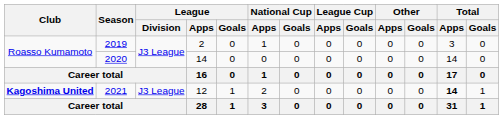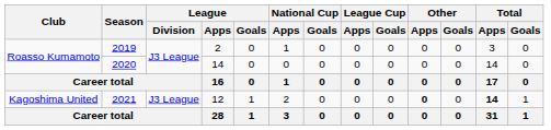 <table class="wikitable" style="text-align: center">
 <tr>
 <th rowspan="2">Club</th>
 <th rowspan="2">Season</th>
 <th colspan="3">League</th>
 <th colspan="2">National Cup</th>
 <th colspan="2">League Cup</th>
 <th colspan="2">Other</th>
 <th colspan="2">Total</th>
 </tr>
 <tr>
 <th>Division</th>
 <th>Apps</th>
 <th>Goals</th>
 <th>Apps</th>
 <th>Goals</th>
 <th>Apps</th>
 <th>Goals</th>
 <th>Apps</th>
 <th>Goals</th>
 <th>Apps</th>
 <th>Goals</th>
 </tr>
 <tr>
 <td rowspan="2"><a href='#'>Roasso Kumamoto</a></td>
 <td><a href='#'>2019</a></td>
 <td rowspan="2"><a href='#'>J3 League</a></td>
 <td>2</td>
 <td>0</td>
 <td>1</td>
 <td>0</td>
 <td>0</td>
 <td>0</td>
 <td>0</td>
 <td>0</td>
 <td>3</td>
 <td>0</td>
 </tr>
 <tr>
 <td><a href='#'>2020</a></td>
 <td>14</td>
 <td>0</td>
 <td>0</td>
 <td>0</td>
 <td>0</td>
 <td>0</td>
 <td>0</td>
 <td>0</td>
 <td>14</td>
 <td>0</td>
 </tr>
 <tr>
 <th colspan=3>Career total</th>
 <th>16</th>
 <th>0</th>
 <th>1</th>
 <th>0</th>
 <th>0</th>
 <th>0</th>
 <th>0</th>
 <th>0</th>
 <th>17</th>
 <th>0</th>
 </tr>
 <tr>
-<td><strong><a href='#'>Kagoshima United</a></strong></td>
+<td><a href='#'>Kagoshima United</a></td>
 <td><a href='#'>2021</a></td>
 <td><a href='#'>J3 League</a></td>
 <td>12</td>
 <td>1</td>
 <td>2</td>
 <td>0</td>
 <td>0</td>
 <td>0</td>
-<td>0</td>
+<td><strong>0</strong></td>
 <td>0</td>
 <td><strong>14</strong></td>
 <td>1</td>
 </tr>
 <tr>
 <th colspan=3>Career total</th>
 <th>28</th>
 <th>1</th>
 <th>3</th>
 <th>0</th>
 <th>0</th>
 <th>0</th>
 <th>0</th>
 <th>0</th>
 <th>31</th>
 <th>1</th>
 </tr>
 </table>
